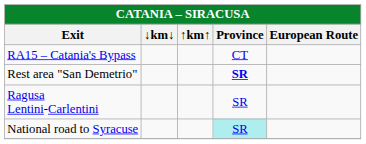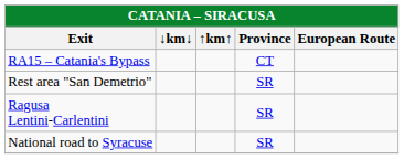 <table class="wikitable">
 <tr align="center" bgcolor="08842C" style="color: white;">
 <td colspan="6"> <strong>CATANIA – SIRACUSA</strong></td>
 </tr>
 <tr>
 <th>Exit</th>
 <th><strong>↓km↓</strong></th>
 <th><strong>↑km↑</strong></th>
 <th>Province</th>
 <th>European Route</th>
 </tr>
 <tr>
 <td>  <a href='#'>RA15 – Catania's Bypass</a></td>
 <td align="right"></td>
 <td align="right"></td>
 <td align="center"><a href='#'>CT</a></td>
 <td align="center"></td>
 </tr>
 <tr>
 <td> Rest area "San Demetrio"</td>
 <td align="right"></td>
 <td align="right"></td>
-<td align="center"><strong><a href='#'>SR</a></strong></td>
+<td align="center"><a href='#'>SR</a></td>
 <td align="center"></td>
 </tr>
 <tr>
 <td> <a href='#'>Ragusa</a><br><a href='#'>Lentini</a>-<a href='#'>Carlentini</a></td>
 <td align="right"></td>
 <td align="right"></td>
 <td align="center"><a href='#'>SR</a></td>
 <td align="center"></td>
 </tr>
 <tr>
 <td>   National road to <a href='#'>Syracuse</a></td>
 <td align="right"></td>
 <td align="right"></td>
-<td align="center" style="background: paleturquoise;"><a href='#'>SR</a></td>
+<td align="center"><a href='#'>SR</a></td>
 <td align="center"></td>
 </tr>
 <tr>
 </tr>
 </table>
